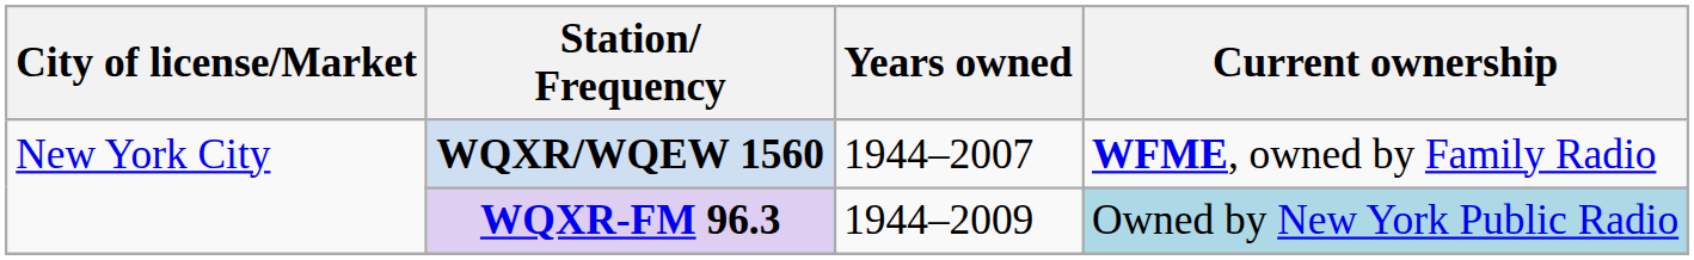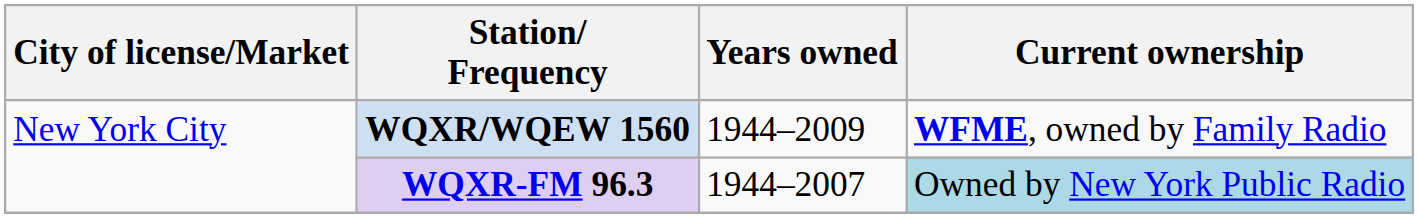 <table class="wikitable">
 <tr>
 <th>City of license/Market</th>
 <th>Station/<br>Frequency</th>
 <th>Years owned</th>
 <th>Current ownership</th>
 </tr>
 <tr style="vertical-align: top; text-align: left;">
 <td rowspan="2"><a href='#'>New York City</a></td>
 <th style="background: #cedff2">WQXR/WQEW 1560</th>
-<td>1944–2007</td>
+<td>1944–2009</td>
 <td><strong><a href='#'>WFME</a></strong>, owned by <a href='#'>Family Radio</a></td>
 </tr>
 <tr style="vertical-align: top; text-align: left;">
 <th style="background: #ddcef2"><a href='#'>WQXR-FM</a> 96.3</th>
-<td>1944–2009</td>
+<td>1944–2007</td>
 <td style="background: lightblue;">Owned by <a href='#'>New York Public Radio</a></td>
 </tr>
 <tr style="vertical-align: top; text-align: left;">
 </tr>
 </table>
